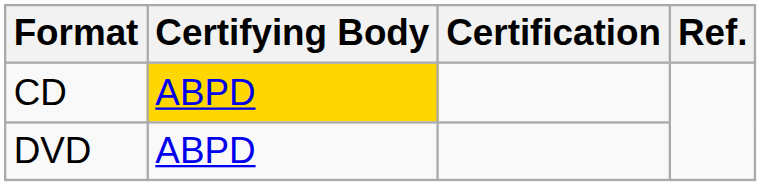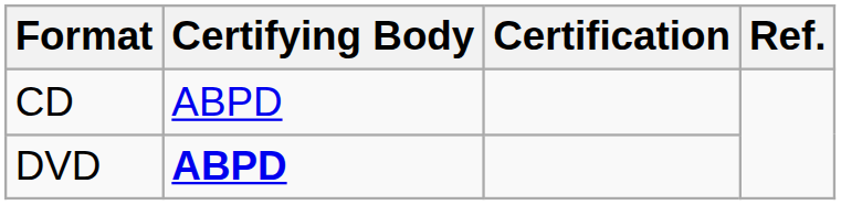 <table class="wikitable">
 <tr>
 <th>Format</th>
 <th>Certifying Body</th>
 <th>Certification</th>
 <th>Ref.</th>
 </tr>
 <tr>
 <td>CD</td>
-<td style="background: gold;"> <a href='#'>ABPD</a></td>
+<td> <a href='#'>ABPD</a></td>
 <td></td>
 <td rowspan="2"></td>
 </tr>
 <tr>
 <td>DVD</td>
-<td> <a href='#'>ABPD</a></td>
+<td><strong> <a href='#'>ABPD</a></strong></td>
 <td></td>
 </tr>
 </table>
